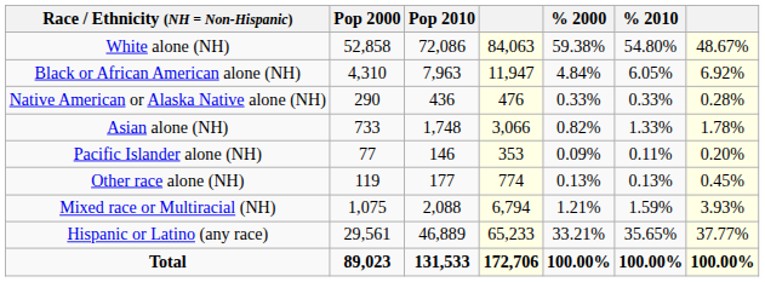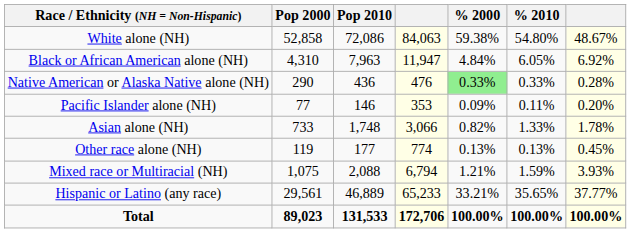 <table class="wikitable" style="text-align:center;">
 <tr>
 <th>Race / Ethnicity <small>(<em>NH = Non-Hispanic</em>)</small></th>
 <th>Pop 2000</th>
 <th>Pop 2010</th>
 <th></th>
 <th>% 2000</th>
 <th>% 2010</th>
 <th></th>
 </tr>
 <tr>
 <td><a href='#'>White</a> alone (NH)</td>
 <td>52,858</td>
 <td>72,086</td>
 <td style='background: #ffffe6;'>84,063</td>
 <td>59.38%</td>
 <td>54.80%</td>
 <td style='background: #ffffe6;'>48.67%</td>
 </tr>
 <tr>
 <td><a href='#'>Black or African American</a> alone (NH)</td>
 <td>4,310</td>
 <td>7,963</td>
 <td style='background: #ffffe6;'>11,947</td>
 <td>4.84%</td>
 <td>6.05%</td>
 <td style='background: #ffffe6;'>6.92%</td>
 </tr>
 <tr>
 <td><a href='#'>Native American</a> or <a href='#'>Alaska Native</a> alone (NH)</td>
 <td>290</td>
 <td>436</td>
 <td style='background: #ffffe6;'>476</td>
-<td>0.33%</td>
+<td style="background: lightgreen;">0.33%</td>
 <td>0.33%</td>
 <td style='background: #ffffe6;'>0.28%</td>
+</tr>
+<tr>
+<td><a href='#'>Pacific Islander</a> alone (NH)</td>
+<td>77</td>
+<td>146</td>
+<td style='background: #ffffe6;'>353</td>
+<td>0.09%</td>
+<td>0.11%</td>
+<td style='background: #ffffe6;'>0.20%</td>
 </tr>
 <tr>
 <td><a href='#'>Asian</a> alone (NH)</td>
 <td>733</td>
 <td>1,748</td>
 <td style='background: #ffffe6;'>3,066</td>
 <td>0.82%</td>
 <td>1.33%</td>
 <td style='background: #ffffe6;'>1.78%</td>
-</tr>
-<tr>
-<td><a href='#'>Pacific Islander</a> alone (NH)</td>
-<td>77</td>
-<td>146</td>
-<td style='background: #ffffe6;'>353</td>
-<td>0.09%</td>
-<td>0.11%</td>
-<td style='background: #ffffe6;'>0.20%</td>
 </tr>
 <tr>
 <td><a href='#'>Other race</a> alone (NH)</td>
 <td>119</td>
 <td>177</td>
 <td style='background: #ffffe6;'>774</td>
 <td>0.13%</td>
 <td>0.13%</td>
 <td style='background: #ffffe6;'>0.45%</td>
 </tr>
 <tr>
 <td><a href='#'>Mixed race or Multiracial</a> (NH)</td>
 <td>1,075</td>
 <td>2,088</td>
 <td style='background: #ffffe6;'>6,794</td>
 <td>1.21%</td>
 <td>1.59%</td>
 <td style='background: #ffffe6;'>3.93%</td>
 </tr>
 <tr>
 <td><a href='#'>Hispanic or Latino</a> (any race)</td>
 <td>29,561</td>
 <td>46,889</td>
 <td style='background: #ffffe6;'>65,233</td>
 <td>33.21%</td>
 <td>35.65%</td>
 <td style='background: #ffffe6;'>37.77%</td>
 </tr>
 <tr>
 <td><strong>Total</strong></td>
 <td><strong>89,023</strong></td>
 <td><strong>131,533</strong></td>
 <td style='background: #ffffe6;'><strong>172,706</strong></td>
 <td><strong>100.00%</strong></td>
 <td><strong>100.00%</strong></td>
 <td style='background: #ffffe6;'><strong>100.00%</strong></td>
 </tr>
 </table>
